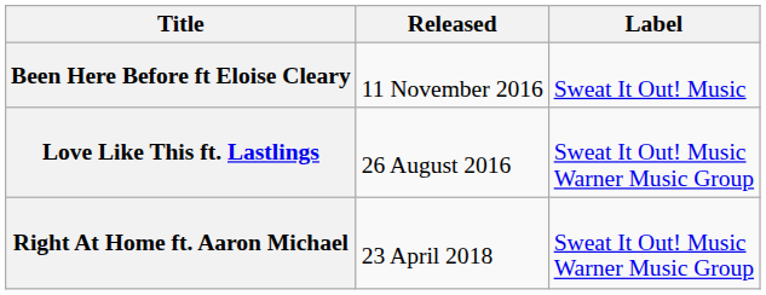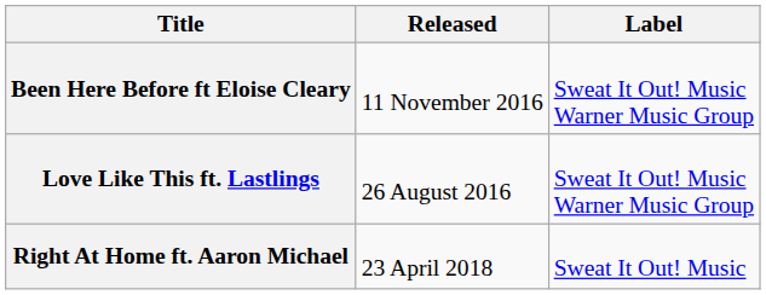 <table class="wikitable plainrowheaders" style="text-align:left;">
 <tr>
 <th scope="col">Title</th>
 <th scope="col">Released</th>
 <th scope="col">Label</th>
 </tr>
 <tr>
 <th scope="row">Been Here Before ft Eloise Cleary</th>
 <td><br>11 November 2016</td>
-<td><br><a href='#'>Sweat It Out! Music</a></td>
+<td><br><a href='#'>Sweat It Out! Music</a><br> <a href='#'>Warner Music Group</a></td>
 </tr>
 <tr>
 <th scope="row">Love Like This ft. <a href='#'>Lastlings</a></th>
 <td><br>26 August 2016</td>
 <td><br><a href='#'>Sweat It Out! Music</a><br> <a href='#'>Warner Music Group</a></td>
 </tr>
 <tr>
 <th scope="row">Right At Home ft. Aaron Michael</th>
 <td><br>23 April 2018</td>
-<td><br><a href='#'>Sweat It Out! Music</a><br> <a href='#'>Warner Music Group</a></td>
+<td><br><a href='#'>Sweat It Out! Music</a></td>
 </tr>
 </table>
